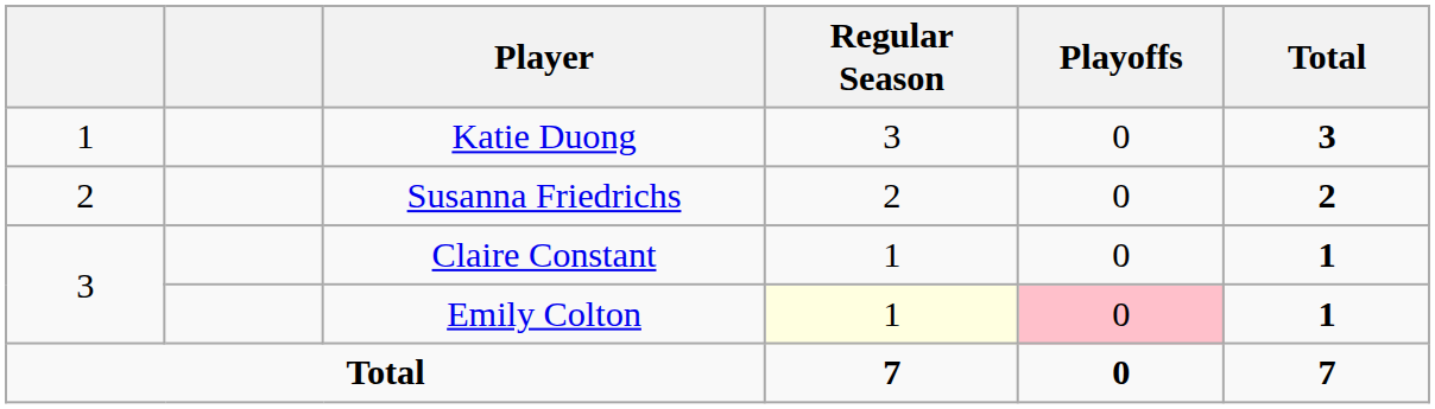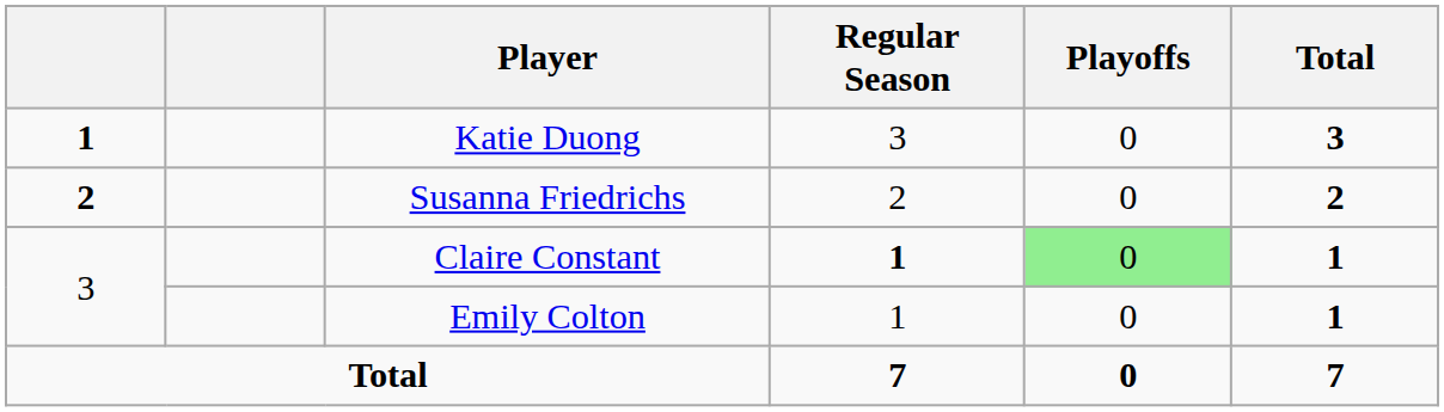 <table class="wikitable" style="font-size: 95%; text-align: center;">
 <tr>
 <th width=60></th>
 <th width=60></th>
 <th width=180>Player</th>
 <th width=100>Regular Season</th>
 <th width="80">Playoffs</th>
 <th width=80>Total</th>
 </tr>
 <tr>
-<td>1</td>
+<td><strong>1</strong></td>
 <td></td>
 <td><a href='#'>Katie Duong</a></td>
 <td>3</td>
 <td>0</td>
 <td><strong>3</strong></td>
 </tr>
 <tr>
-<td>2</td>
+<td><strong>2</strong></td>
 <td></td>
 <td><a href='#'>Susanna Friedrichs</a></td>
 <td>2</td>
 <td>0</td>
 <td><strong>2</strong></td>
 </tr>
 <tr>
 <td rowspan="2">3</td>
 <td></td>
 <td><a href='#'>Claire Constant</a></td>
-<td>1</td>
-<td>0</td>
+<td><strong>1</strong></td>
+<td style="background: lightgreen;">0</td>
 <td><strong>1</strong></td>
 </tr>
 <tr>
 <td></td>
 <td><a href='#'>Emily Colton</a></td>
-<td style="background: lightyellow;">1</td>
-<td style="background: pink;">0</td>
+<td>1</td>
+<td>0</td>
 <td><strong>1</strong></td>
 </tr>
 <tr>
 <td colspan="3"><strong>Total</strong></td>
 <td><strong>7</strong></td>
 <td><strong>0</strong></td>
 <td><strong>7</strong></td>
 </tr>
 </table>
